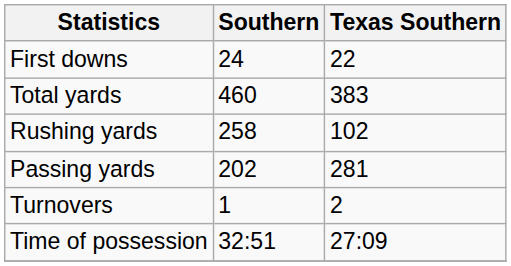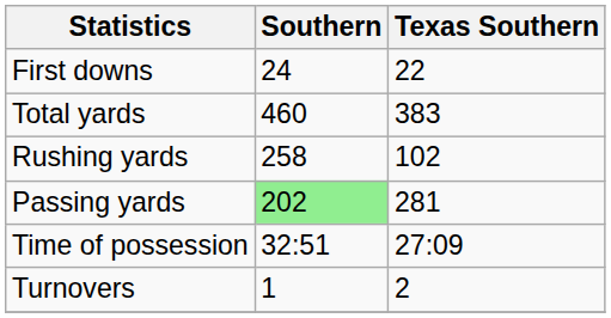 <table class="wikitable">
 <tr>
 <th>Statistics</th>
 <th>Southern</th>
 <th>Texas Southern</th>
 </tr>
 <tr>
 <td>First downs</td>
 <td>24</td>
 <td>22</td>
 </tr>
 <tr>
 <td>Total yards</td>
 <td>460</td>
 <td>383</td>
 </tr>
 <tr>
 <td>Rushing yards</td>
 <td>258</td>
 <td>102</td>
 </tr>
 <tr>
 <td>Passing yards</td>
-<td>202</td>
+<td style="background: lightgreen;">202</td>
 <td>281</td>
+</tr>
+<tr>
+<td>Time of possession</td>
+<td>32:51</td>
+<td>27:09</td>
 </tr>
 <tr>
 <td>Turnovers</td>
 <td>1</td>
 <td>2</td>
 </tr>
 <tr>
-<td>Time of possession</td>
-<td>32:51</td>
-<td>27:09</td>
-</tr>
-<tr>
 </tr>
 </table>
